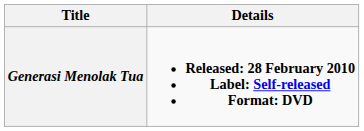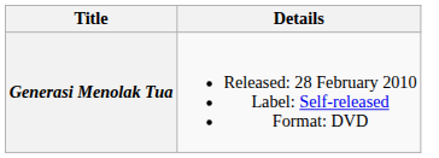 <table class="wikitable plainrowheaders" style="text-align:center;">
 <tr>
 <th scope="col">Title</th>
 <th scope="col">Details</th>
 </tr>
 <tr>
 <th scope="row"><em>Generasi Menolak Tua</em></th>
-<td><strong><br><ul><li>Released: 28 February 2010</li><li>Label: <a href='#'>Self-released</a></li><li>Format: DVD</li></ul></strong></td>
+<td><br><ul><li>Released: 28 February 2010</li><li>Label: <a href='#'>Self-released</a></li><li>Format: DVD</li></ul></td>
 </tr>
 </table>
